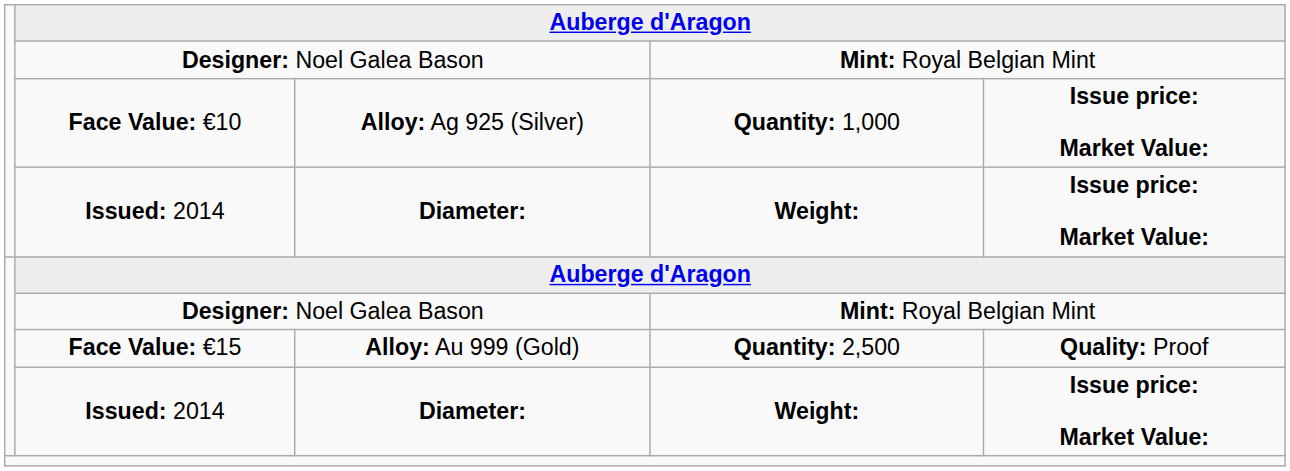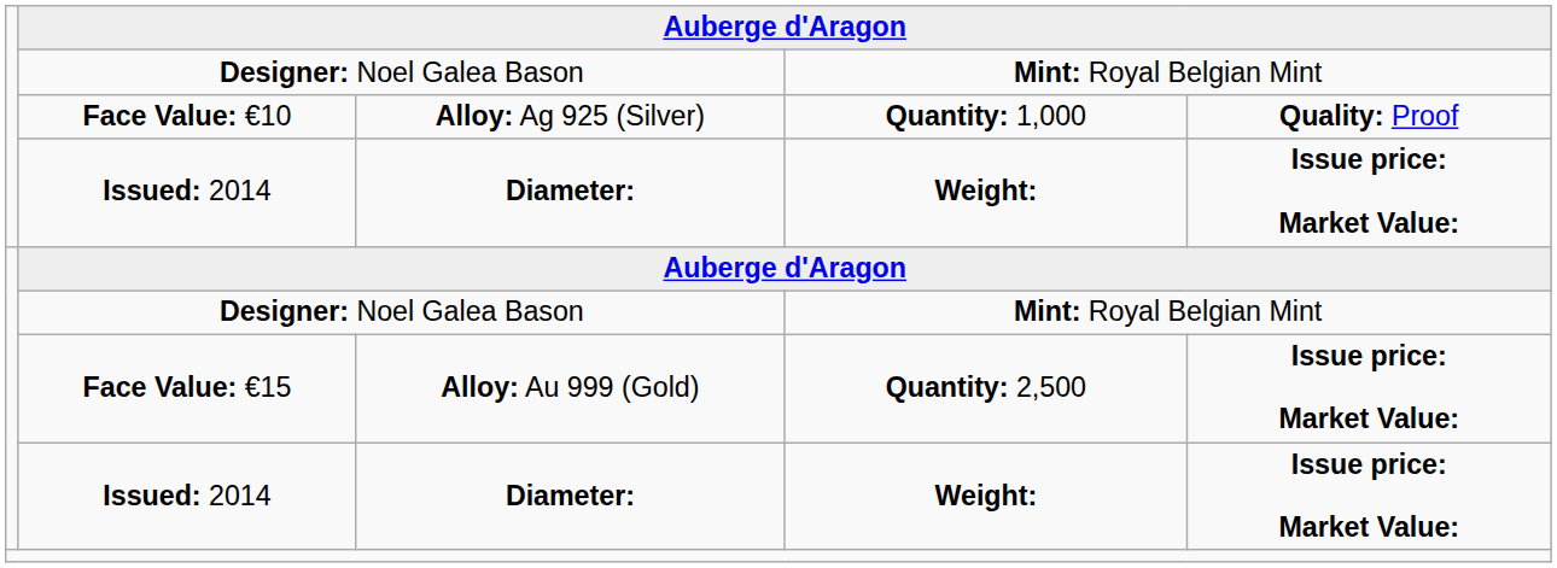 <table class="wikitable" width=100%>
 <tr>
 <td rowspan=4 width="330px" nowrap align=center></td>
 <th colspan="4" align=center style="background:#eeeeee;"><a href='#'>Auberge d'Aragon</a></th>
 </tr>
 <tr>
 <td colspan="2" width="50%" align=center><strong>Designer:</strong> Noel Galea Bason</td>
 <td colspan="2" width="50%" align=center><strong>Mint:</strong> Royal Belgian Mint</td>
 </tr>
 <tr>
 <td align=center><strong>Face Value:</strong> €10</td>
 <td align=center><strong>Alloy:</strong> Ag 925 (Silver)</td>
 <td align=center><strong>Quantity:</strong> 1,000</td>
-<td align=center><strong>Issue price:</strong><br><br> <strong>Market Value:</strong></td>
+<td align=center><strong>Quality:</strong> <a href='#'>Proof</a></td>
 </tr>
 <tr>
 <td align=center><strong>Issued:</strong> 2014</td>
 <td align=center><strong>Diameter:</strong> </td>
 <td align=center><strong>Weight:</strong> </td>
 <td align=center><strong>Issue price:</strong><br><br> <strong>Market Value:</strong></td>
 </tr>
 <tr>
 <td rowspan=4 width="330px" nowrap align=center></td>
 <th colspan="4" align=center style="background:#eeeeee;"><a href='#'>Auberge d'Aragon</a></th>
 </tr>
 <tr>
 <td colspan="2" width="50%" align=center><strong>Designer:</strong> Noel Galea Bason</td>
 <td colspan="2" width="50%" align=center><strong>Mint:</strong> Royal Belgian Mint</td>
 </tr>
 <tr>
 <td align=center><strong>Face Value:</strong> €15</td>
 <td align=center><strong>Alloy:</strong> Au 999 (Gold)</td>
 <td align=center><strong>Quantity:</strong> 2,500</td>
-<td align=center><strong>Quality:</strong> Proof</td>
+<td align=center><strong>Issue price:</strong><br><br> <strong>Market Value:</strong></td>
 </tr>
 <tr>
 <td align=center><strong>Issued:</strong> 2014</td>
 <td align=center><strong>Diameter:</strong> </td>
 <td align=center><strong>Weight:</strong> </td>
 <td align=center><strong>Issue price:</strong><br><br> <strong>Market Value:</strong></td>
 </tr>
 <tr>
 <td colspan="5" align=left></td>
 </tr>
 </table>
